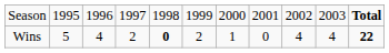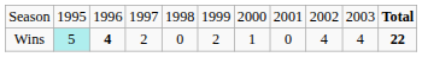 <table class="wikitable sortable">
 <tr>
 <td>Season</td>
 <td>1995</td>
 <td>1996</td>
 <td>1997</td>
 <td>1998</td>
 <td>1999</td>
 <td>2000</td>
 <td>2001</td>
 <td>2002</td>
 <td>2003</td>
 <td><strong>Total</strong></td>
 </tr>
 <tr align="center">
 <td>Wins</td>
-<td>5</td>
-<td>4</td>
+<td style="background: paleturquoise;">5</td>
+<td><strong>4</strong></td>
 <td>2</td>
-<td><strong>0</strong></td>
+<td>0</td>
 <td>2</td>
 <td>1</td>
 <td>0</td>
 <td>4</td>
 <td>4</td>
 <td><strong>22</strong></td>
 </tr>
 </table>
